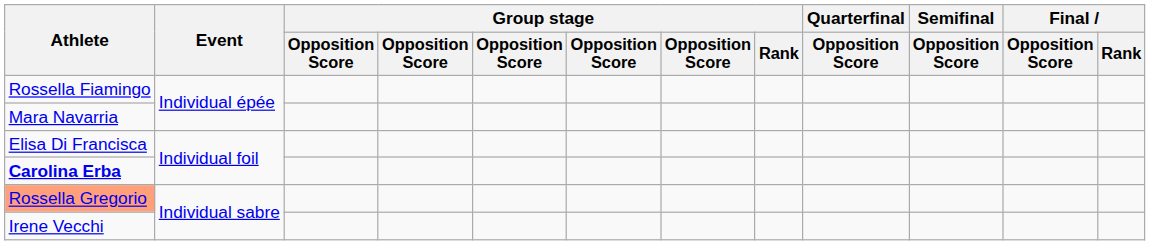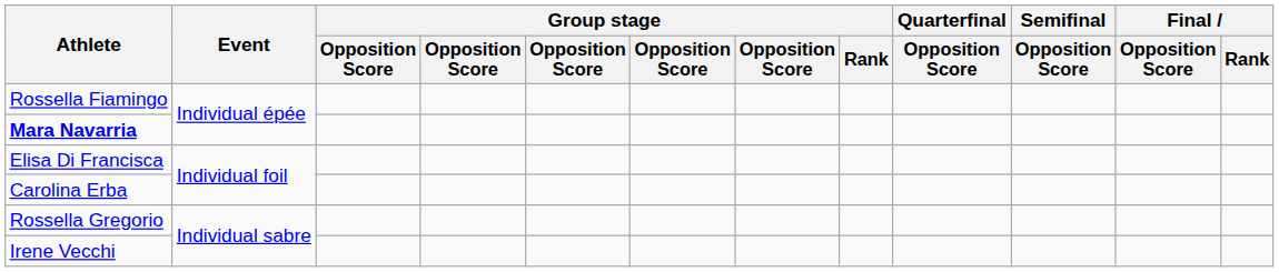 <table class=wikitable style="font-size:90%">
 <tr>
 <th rowspan=2>Athlete</th>
 <th rowspan=2>Event</th>
 <th colspan=6>Group stage</th>
 <th>Quarterfinal</th>
 <th>Semifinal</th>
 <th colspan=2>Final / </th>
 </tr>
 <tr style="font-size:95%">
 <th>Opposition<br>Score</th>
 <th>Opposition<br>Score</th>
 <th>Opposition<br>Score</th>
 <th>Opposition<br>Score</th>
 <th>Opposition<br>Score</th>
 <th>Rank</th>
 <th>Opposition<br>Score</th>
 <th>Opposition<br>Score</th>
 <th>Opposition<br>Score</th>
 <th>Rank</th>
 </tr>
 <tr align=center>
 <td align=left><a href='#'>Rossella Fiamingo</a></td>
 <td align=left rowspan=2><a href='#'>Individual épée</a></td>
 <td></td>
 <td></td>
 <td></td>
 <td></td>
 <td></td>
 <td></td>
 <td></td>
 <td></td>
 <td></td>
 <td></td>
 </tr>
 <tr align=center>
-<td align=left><a href='#'>Mara Navarria</a></td>
+<td align=left><strong><a href='#'>Mara Navarria</a></strong></td>
 <td></td>
 <td></td>
 <td></td>
 <td></td>
 <td></td>
 <td></td>
 <td></td>
 <td></td>
 <td></td>
 <td></td>
 </tr>
 <tr align=center>
 <td align=left><a href='#'>Elisa Di Francisca</a></td>
 <td align=left rowspan=2><a href='#'>Individual foil</a></td>
 <td></td>
 <td></td>
 <td></td>
 <td></td>
 <td></td>
 <td></td>
 <td></td>
 <td></td>
 <td></td>
 <td></td>
 </tr>
 <tr align=center>
-<td align=left><strong><a href='#'>Carolina Erba</a></strong></td>
+<td align=left><a href='#'>Carolina Erba</a></td>
 <td></td>
 <td></td>
 <td></td>
 <td></td>
 <td></td>
 <td></td>
 <td></td>
 <td></td>
 <td></td>
 <td></td>
 </tr>
 <tr align=center>
-<td align=left style="background: lightsalmon;"><a href='#'>Rossella Gregorio</a></td>
+<td align=left><a href='#'>Rossella Gregorio</a></td>
 <td align=left rowspan=2><a href='#'>Individual sabre</a></td>
 <td></td>
 <td></td>
 <td></td>
 <td></td>
 <td></td>
 <td></td>
 <td></td>
 <td></td>
 <td></td>
 <td></td>
 </tr>
 <tr align=center>
 <td align=left><a href='#'>Irene Vecchi</a></td>
 <td></td>
 <td></td>
 <td></td>
 <td></td>
 <td></td>
 <td></td>
 <td></td>
 <td></td>
 <td></td>
 <td></td>
 </tr>
 </table>
